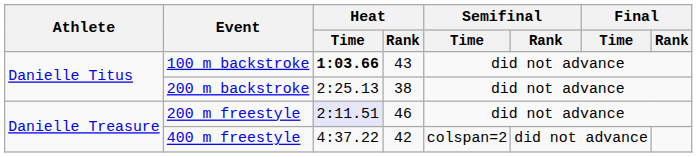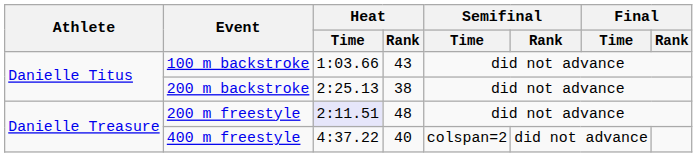 <table class="wikitable" style="text-align:center; font-size:90%">
 <tr>
 <th rowspan="2">Athlete</th>
 <th rowspan="2">Event</th>
 <th colspan="2">Heat</th>
 <th colspan="2">Semifinal</th>
 <th colspan="2">Final</th>
 </tr>
 <tr style="font-size:95%">
 <th>Time</th>
 <th>Rank</th>
 <th>Time</th>
 <th>Rank</th>
 <th>Time</th>
 <th>Rank</th>
 </tr>
 <tr>
 <td align=left rowspan=2><a href='#'>Danielle Titus</a></td>
 <td align=left><a href='#'>100 m backstroke</a></td>
-<td><strong>1:03.66</strong></td>
+<td>1:03.66</td>
 <td>43</td>
 <td colspan=4>did not advance</td>
 </tr>
 <tr>
 <td align=left><a href='#'>200 m backstroke</a></td>
 <td>2:25.13</td>
 <td>38</td>
 <td colspan=4>did not advance</td>
 </tr>
 <tr>
 <td align=left rowspan=2><a href='#'>Danielle Treasure</a></td>
 <td align=left><a href='#'>200 m freestyle</a></td>
 <td style="background: lavender;">2:11.51</td>
-<td>46</td>
+<td>48</td>
 <td colspan=4>did not advance</td>
 </tr>
 <tr>
 <td align=left><a href='#'>400 m freestyle</a></td>
 <td>4:37.22</td>
-<td>42</td>
+<td>40</td>
 <td>colspan=2 </td>
 <td colspan=2>did not advance</td>
 </tr>
 </table>
